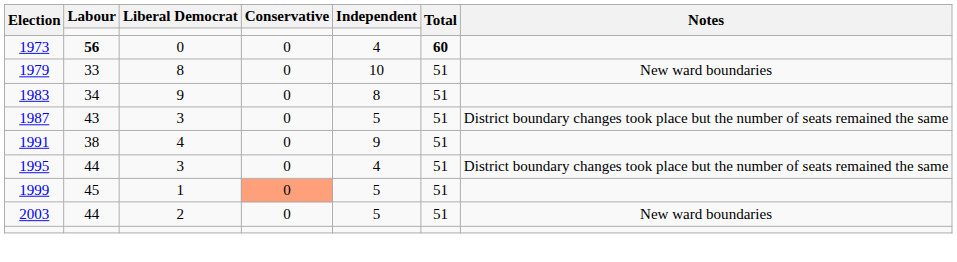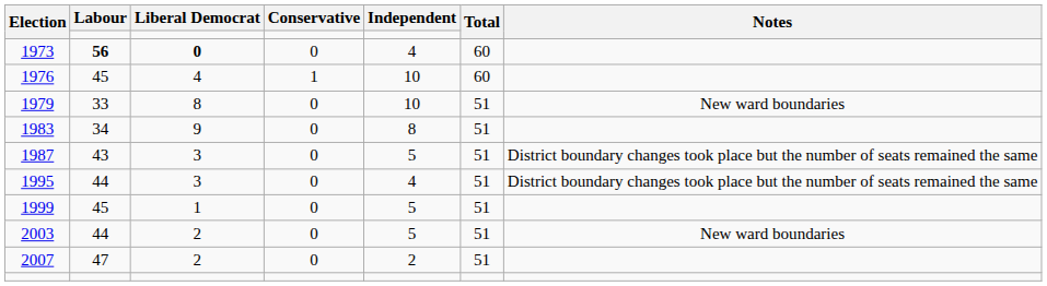 <table class="wikitable" style="text-align: center">
 <tr>
 <th rowspan="2">Election</th>
 <th>Labour</th>
 <th>Liberal Democrat</th>
 <th>Conservative</th>
 <th>Independent</th>
 <th rowspan="2">Total</th>
 <th rowspan="2">Notes</th>
 </tr>
 <tr>
 <td style="background-color: "></td>
 <td style="background-color: "></td>
 <td style="background-color: "></td>
 <td style="background-color: "></td>
 </tr>
 <tr>
 <td><a href='#'>1973</a></td>
 <td><strong>56</strong></td>
-<td>0</td>
+<td><strong>0</strong></td>
 <td>0</td>
 <td>4</td>
-<td><strong>60</strong></td>
+<td>60</td>
+<td></td>
+</tr>
+<tr>
+<td><a href='#'>1976</a></td>
+<td>45</td>
+<td>4</td>
+<td>1</td>
+<td>10</td>
+<td>60</td>
 <td></td>
 </tr>
 <tr>
 <td><a href='#'>1979</a></td>
 <td>33</td>
 <td>8</td>
 <td>0</td>
 <td>10</td>
 <td>51</td>
 <td>New ward boundaries</td>
 </tr>
 <tr>
 <td><a href='#'>1983</a></td>
 <td>34</td>
 <td>9</td>
 <td>0</td>
 <td>8</td>
 <td>51</td>
 <td></td>
 </tr>
 <tr>
 <td><a href='#'>1987</a></td>
 <td>43</td>
 <td>3</td>
 <td>0</td>
 <td>5</td>
 <td>51</td>
 <td>District boundary changes took place but the number of seats remained the same</td>
 </tr>
 <tr>
-<td><a href='#'>1991</a></td>
-<td>38</td>
-<td>4</td>
-<td>0</td>
-<td>9</td>
-<td>51</td>
-<td></td>
-</tr>
-<tr>
 <td><a href='#'>1995</a></td>
 <td>44</td>
 <td>3</td>
 <td>0</td>
 <td>4</td>
 <td>51</td>
 <td>District boundary changes took place but the number of seats remained the same</td>
 </tr>
 <tr>
 <td><a href='#'>1999</a></td>
 <td>45</td>
 <td>1</td>
-<td style="background: lightsalmon;">0</td>
+<td>0</td>
 <td>5</td>
 <td>51</td>
 <td></td>
 </tr>
 <tr>
 <td><a href='#'>2003</a></td>
 <td>44</td>
 <td>2</td>
 <td>0</td>
 <td>5</td>
 <td>51</td>
 <td>New ward boundaries</td>
 </tr>
 <tr>
+<td><a href='#'>2007</a></td>
+<td>47</td>
+<td>2</td>
+<td>0</td>
+<td>2</td>
+<td>51</td>
+<td></td>
+</tr>
+<tr>
 <td></td>
 <td style="background-color: "></td>
 <td style="background-color: "></td>
 <td style="background-color: "></td>
 <td style="background-color: "></td>
 <td></td>
 <td></td>
 </tr>
 </table>
